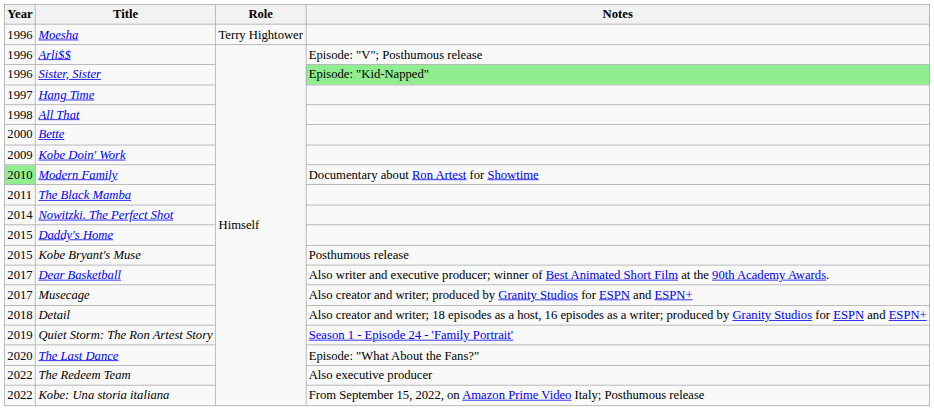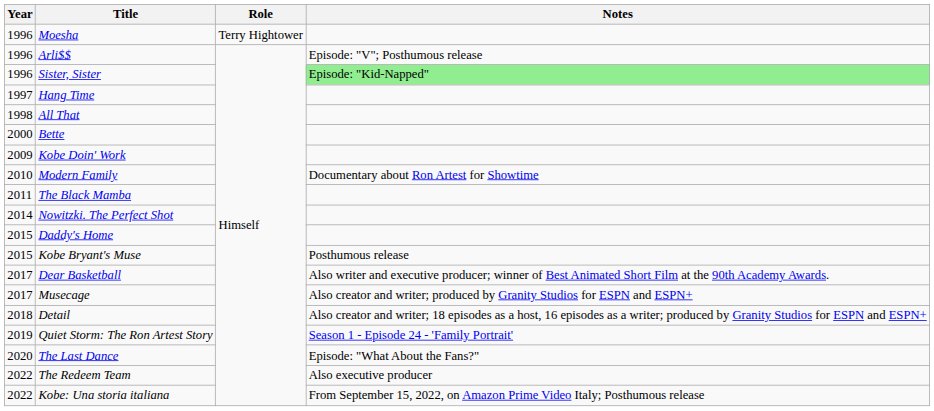 <table class="wikitable sortable">
 <tr>
 <th>Year</th>
 <th>Title</th>
 <th>Role</th>
 <th class="unsortable">Notes</th>
 </tr>
 <tr>
 <td>1996</td>
 <td><em><a href='#'>Moesha</a></em></td>
 <td>Terry Hightower</td>
 <td></td>
 </tr>
 <tr>
 <td>1996</td>
 <td><em><a href='#'>Arli$$</a></em></td>
 <td rowspan="18">Himself</td>
 <td>Episode: "V"; Posthumous release</td>
 </tr>
 <tr>
 <td>1996</td>
 <td><em><a href='#'>Sister, Sister</a></em></td>
 <td style="background: lightgreen;">Episode: "Kid-Napped"</td>
 </tr>
 <tr>
 <td>1997</td>
 <td><em><a href='#'>Hang Time</a></em></td>
 <td></td>
 </tr>
 <tr>
 <td>1998</td>
 <td><em><a href='#'>All That</a></em></td>
 <td></td>
 </tr>
 <tr>
 <td>2000</td>
 <td><em><a href='#'>Bette</a></em></td>
 <td></td>
 </tr>
 <tr>
 <td>2009</td>
 <td><em><a href='#'>Kobe Doin' Work</a></em></td>
 <td></td>
 </tr>
 <tr>
-<td style="background: lightgreen;">2010</td>
+<td>2010</td>
 <td><em><a href='#'>Modern Family</a></em></td>
 <td>Documentary about <a href='#'>Ron Artest</a> for <a href='#'>Showtime</a></td>
 </tr>
 <tr>
 <td>2011</td>
 <td><em><a href='#'>The Black Mamba</a></em></td>
 <td></td>
 </tr>
 <tr>
 <td>2014</td>
 <td><em><a href='#'>Nowitzki. The Perfect Shot</a></em></td>
 <td></td>
 </tr>
 <tr>
 <td>2015</td>
 <td><em><a href='#'>Daddy's Home</a></em></td>
 <td></td>
 </tr>
 <tr>
 <td>2015</td>
 <td><em>Kobe Bryant's Muse</em></td>
 <td>Posthumous release</td>
 </tr>
 <tr>
 <td>2017</td>
 <td><em><a href='#'>Dear Basketball</a></em></td>
 <td>Also writer and executive producer; winner of <a href='#'>Best Animated Short Film</a> at the <a href='#'>90th Academy Awards</a>.</td>
 </tr>
 <tr>
 <td>2017</td>
 <td><em>Musecage</em></td>
 <td>Also creator and writer; produced by <a href='#'>Granity Studios</a> for <a href='#'>ESPN</a> and <a href='#'>ESPN+</a></td>
 </tr>
 <tr>
 <td>2018</td>
 <td><em>Detail</em></td>
 <td>Also creator and writer; 18 episodes as a host, 16 episodes as a writer; produced by <a href='#'>Granity Studios</a> for <a href='#'>ESPN</a> and <a href='#'>ESPN+</a></td>
 </tr>
 <tr>
 <td>2019</td>
 <td><em>Quiet Storm: The Ron Artest Story</em></td>
 <td><a href='#'>Season 1 - Episode 24 - 'Family Portrait'</a></td>
 </tr>
 <tr>
 <td>2020</td>
 <td><em><a href='#'>The Last Dance</a></em></td>
 <td>Episode: "What About the Fans?"</td>
 </tr>
 <tr>
 <td>2022</td>
 <td><em>The Redeem Team</em></td>
 <td>Also executive producer</td>
 </tr>
 <tr>
 <td>2022</td>
 <td><em>Kobe: Una storia italiana</em></td>
 <td>From September 15, 2022, on <a href='#'>Amazon Prime Video</a> Italy; Posthumous release</td>
 </tr>
 </table>
